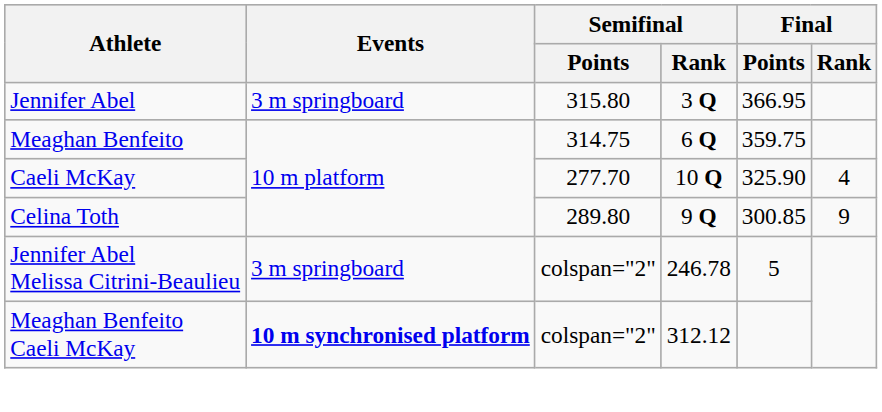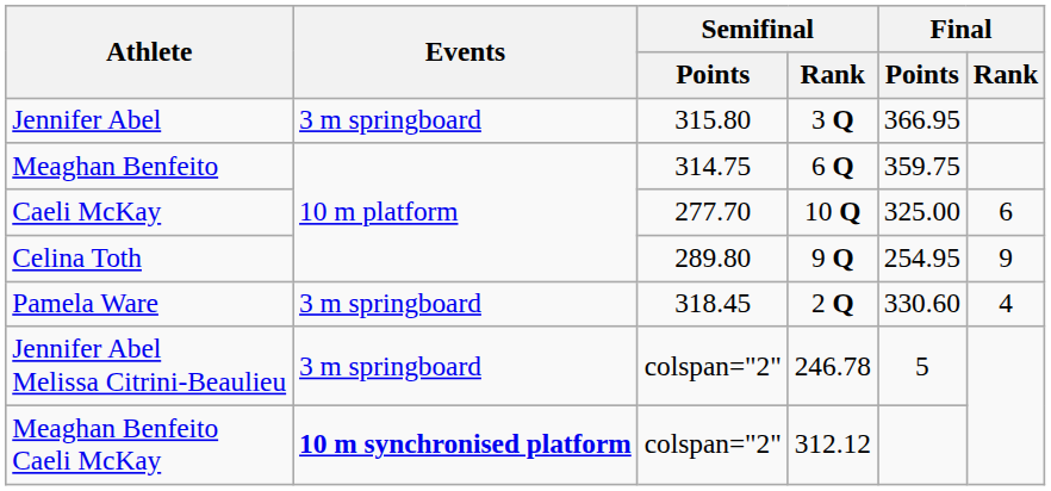 <table class=wikitable style="font-size:90%">
 <tr>
 <th rowspan="2">Athlete</th>
 <th rowspan="2">Events</th>
 <th colspan="2">Semifinal</th>
 <th colspan="2">Final</th>
 </tr>
 <tr>
 <th>Points</th>
 <th>Rank</th>
 <th>Points</th>
 <th>Rank</th>
 </tr>
 <tr align=center>
 <td align=left><a href='#'>Jennifer Abel</a></td>
 <td align=left><a href='#'>3 m springboard</a></td>
 <td>315.80</td>
 <td>3 <strong>Q</strong></td>
 <td>366.95</td>
 <td></td>
 </tr>
 <tr align=center>
 <td align=left><a href='#'>Meaghan Benfeito</a></td>
 <td align=left rowspan=3><a href='#'>10 m platform</a></td>
 <td>314.75</td>
 <td>6 <strong>Q</strong></td>
 <td>359.75</td>
 <td></td>
 </tr>
 <tr align=center>
 <td align=left><a href='#'>Caeli McKay</a></td>
 <td>277.70</td>
 <td>10 <strong>Q</strong></td>
-<td>325.90</td>
-<td>4</td>
+<td>325.00</td>
+<td>6</td>
 </tr>
 <tr align=center>
 <td align=left><a href='#'>Celina Toth</a></td>
 <td>289.80</td>
 <td>9 <strong>Q</strong></td>
-<td>300.85</td>
+<td>254.95</td>
 <td>9</td>
+</tr>
+<tr align=center>
+<td align=left><a href='#'>Pamela Ware</a></td>
+<td align=left><a href='#'>3 m springboard</a></td>
+<td>318.45</td>
+<td>2 <strong>Q</strong></td>
+<td>330.60</td>
+<td>4</td>
 </tr>
 <tr align=center>
 <td align=left><a href='#'>Jennifer Abel</a><br><a href='#'>Melissa Citrini-Beaulieu</a></td>
 <td align=left><a href='#'>3 m springboard</a></td>
 <td>colspan="2" </td>
 <td>246.78</td>
 <td>5</td>
 </tr>
 <tr align=center>
 <td align=left><a href='#'>Meaghan Benfeito</a><br><a href='#'>Caeli McKay</a></td>
 <td align=left><strong><a href='#'>10 m synchronised platform</a></strong></td>
 <td>colspan="2" </td>
 <td>312.12</td>
 <td></td>
 </tr>
 </table>
